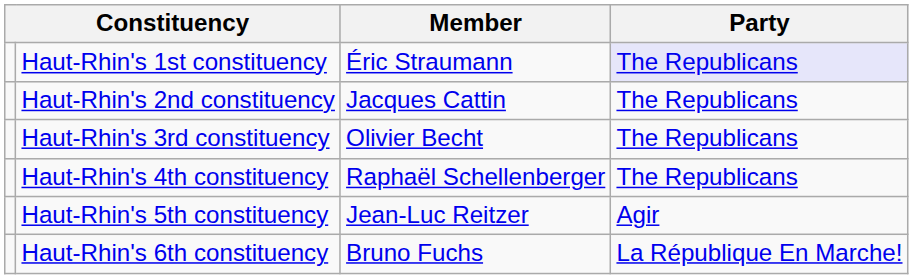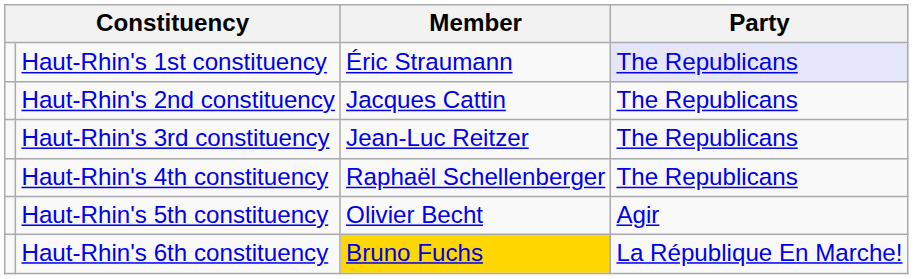 <table class="wikitable">
 <tr>
 <th colspan="2">Constituency</th>
 <th>Member</th>
 <th>Party</th>
 </tr>
 <tr>
 <td style="background-color: "></td>
 <td><a href='#'>Haut-Rhin's 1st constituency</a></td>
 <td><a href='#'>Éric Straumann</a></td>
 <td style="background: lavender;"><a href='#'>The Republicans</a></td>
 </tr>
 <tr>
 <td style="background-color: "></td>
 <td><a href='#'>Haut-Rhin's 2nd constituency</a></td>
 <td><a href='#'>Jacques Cattin</a></td>
 <td><a href='#'>The Republicans</a></td>
 </tr>
 <tr>
 <td style="background-color: "></td>
 <td><a href='#'>Haut-Rhin's 3rd constituency</a></td>
-<td><a href='#'>Olivier Becht</a></td>
+<td><a href='#'>Jean-Luc Reitzer</a></td>
 <td><a href='#'>The Republicans</a></td>
 </tr>
 <tr>
 <td style="background-color: "></td>
 <td><a href='#'>Haut-Rhin's 4th constituency</a></td>
 <td><a href='#'>Raphaël Schellenberger</a></td>
 <td><a href='#'>The Republicans</a></td>
 </tr>
 <tr>
 <td style="background-color: "></td>
 <td><a href='#'>Haut-Rhin's 5th constituency</a></td>
-<td><a href='#'>Jean-Luc Reitzer</a></td>
+<td><a href='#'>Olivier Becht</a></td>
 <td><a href='#'>Agir</a></td>
 </tr>
 <tr>
 <td style="background-color: "></td>
 <td><a href='#'>Haut-Rhin's 6th constituency</a></td>
-<td><a href='#'>Bruno Fuchs</a></td>
+<td style="background: gold;"><a href='#'>Bruno Fuchs</a></td>
 <td><a href='#'>La République En Marche!</a></td>
 </tr>
 </table>
